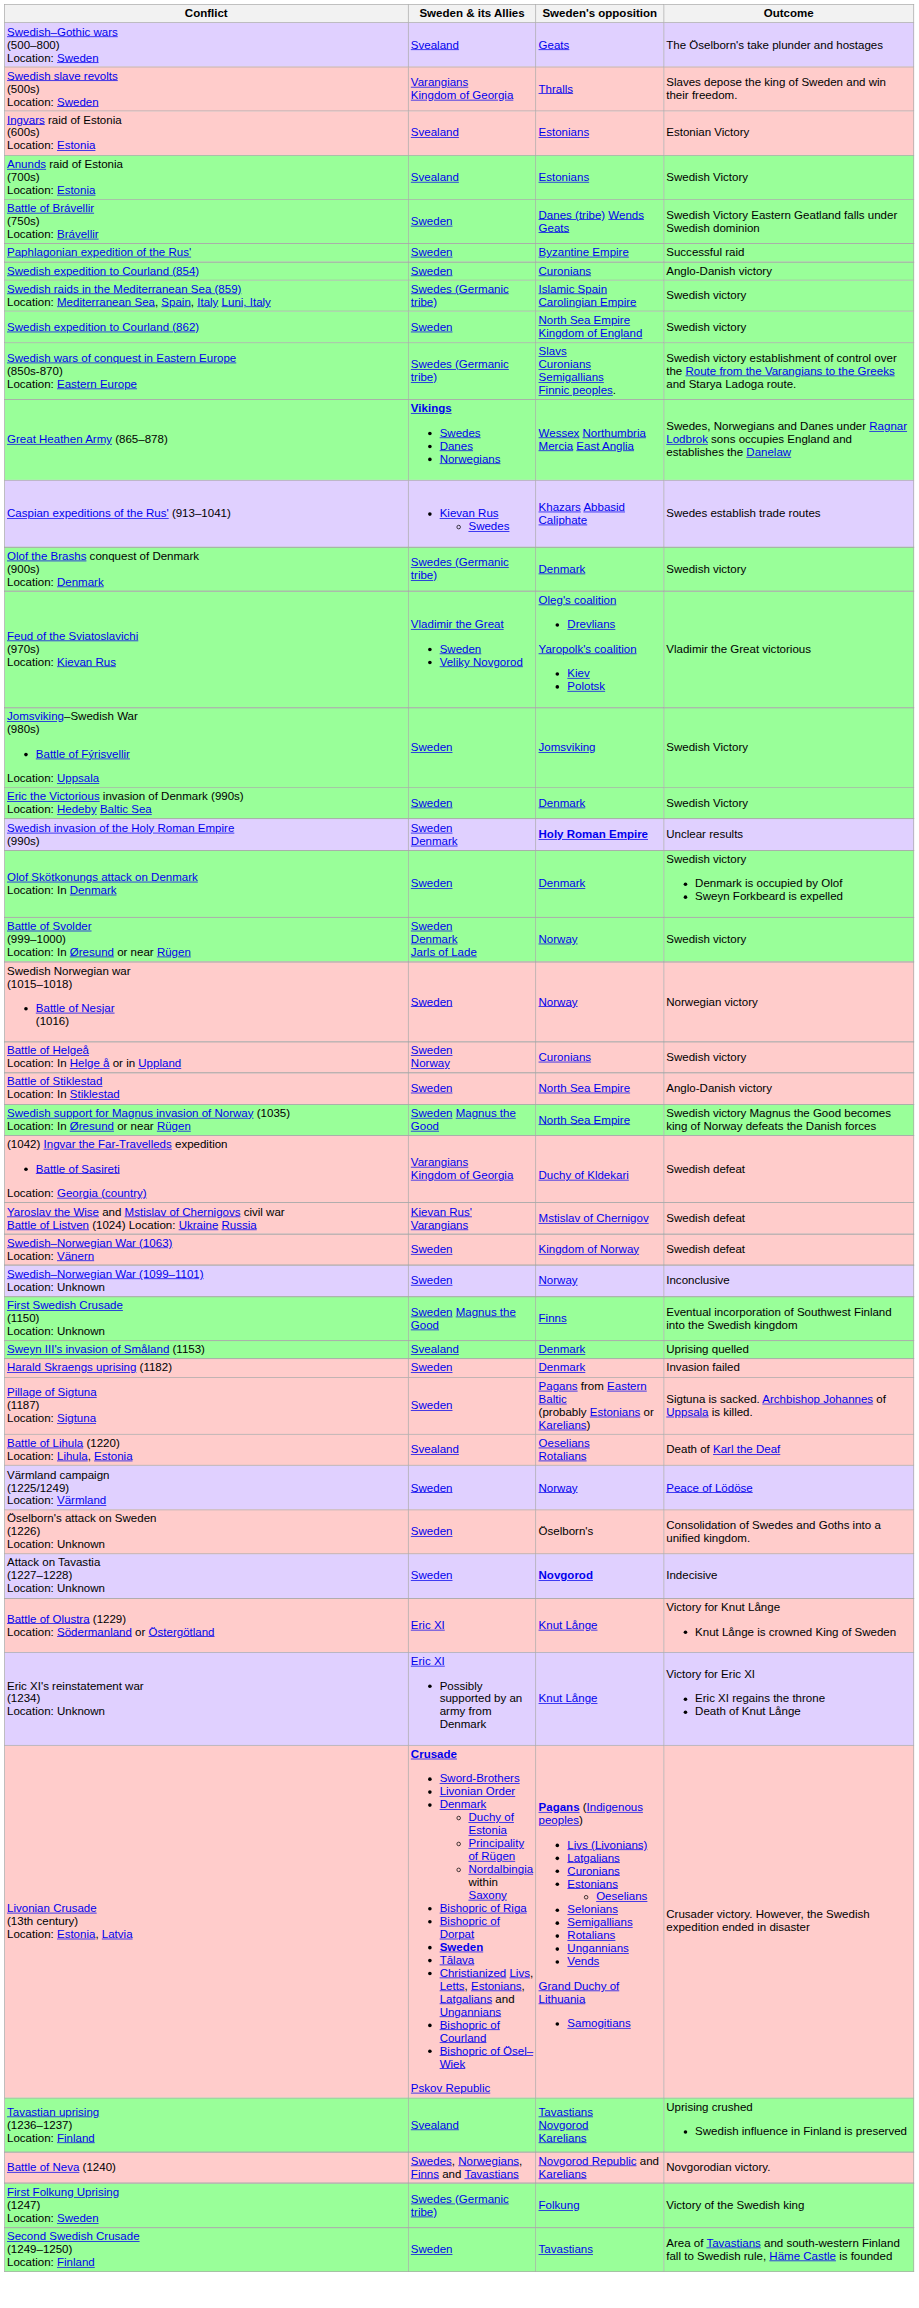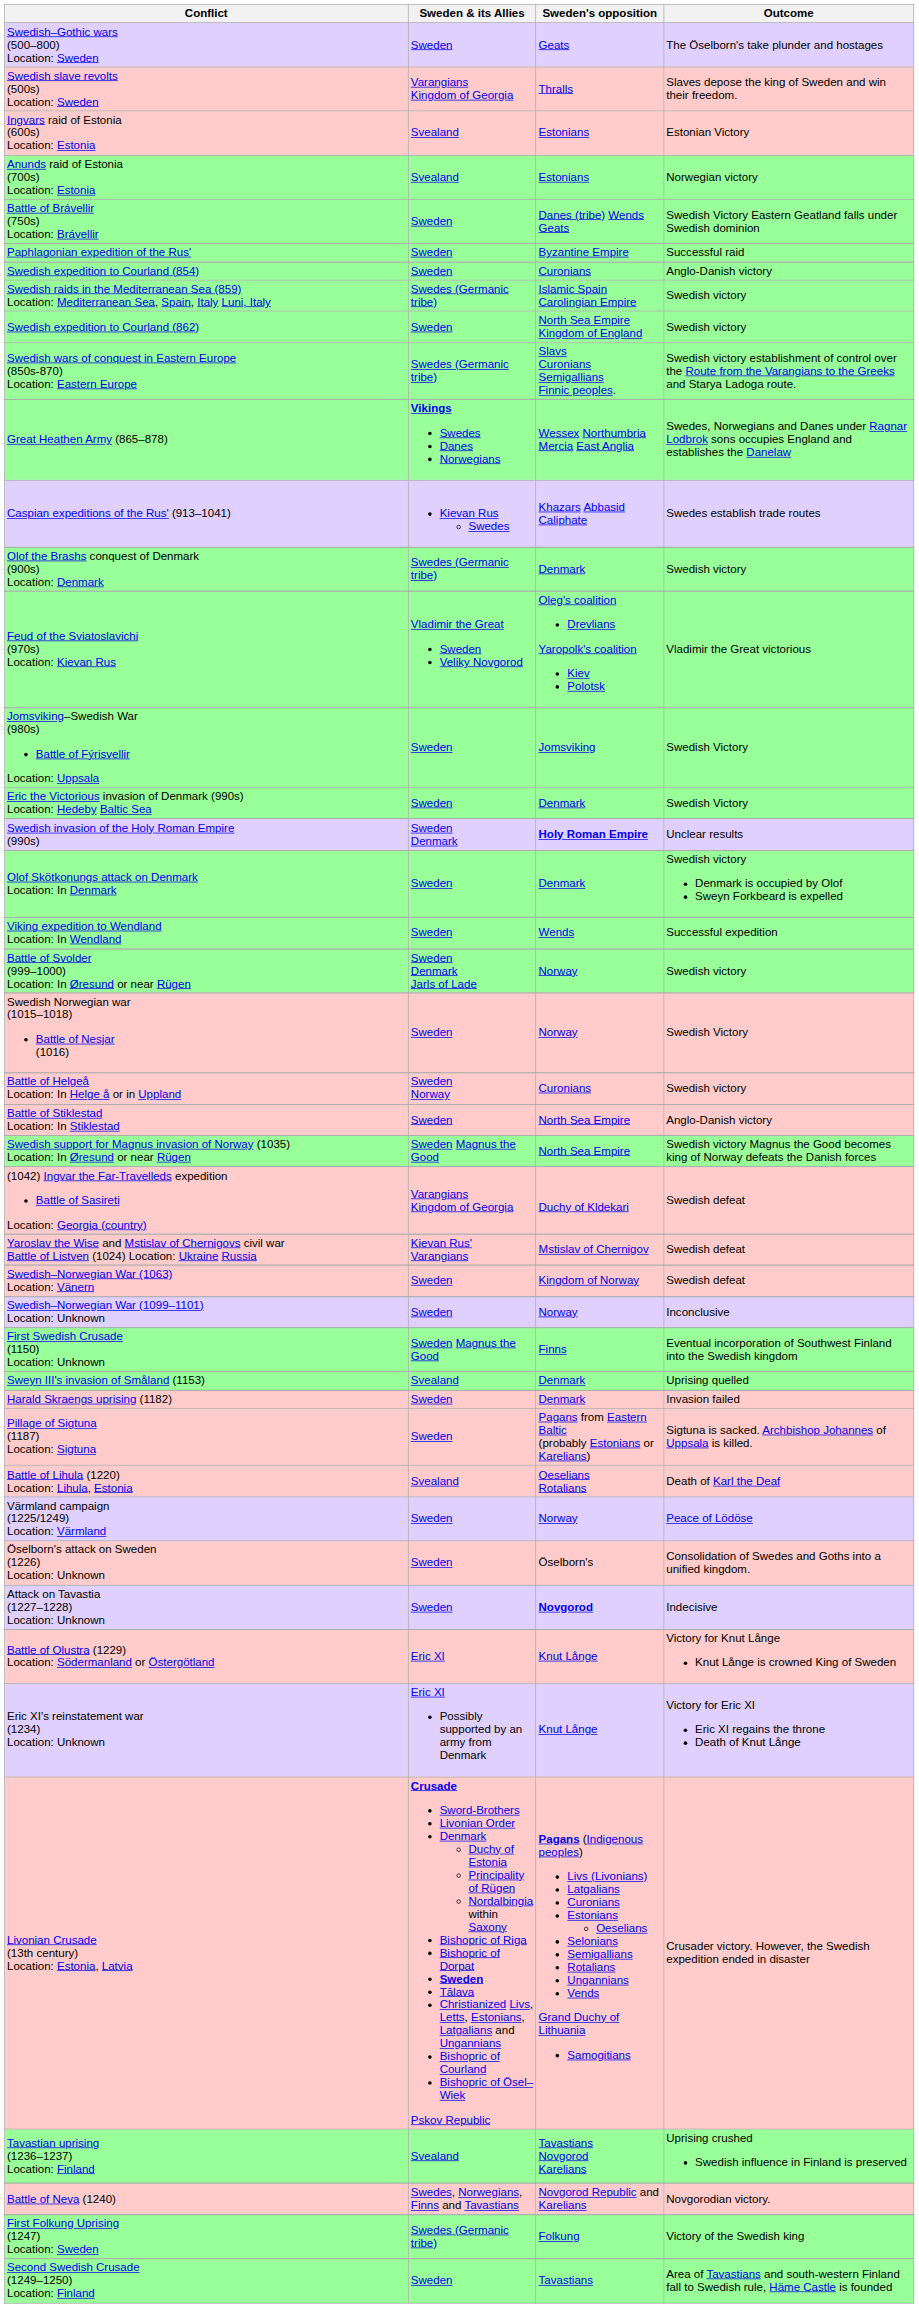 <table class="wikitable sortable" width="100%">
 <tr>
 <th rowspan="1">Conflict</th>
 <th rowspan="1" width=170px>Sweden & its Allies</th>
 <th rowspan="1" width=170px>Sweden's opposition</th>
 <th rowspan="1" width=340px>Outcome</th>
 </tr>
 <tr bgcolor="#E0D0FF">
 <td><a href='#'>Swedish–Gothic wars</a> <br>(500–800)<br>Location: <a href='#'>Sweden</a></td>
-<td><a href='#'>Svealand</a></td>
+<td><a href='#'>Sweden</a></td>
 <td><a href='#'>Geats</a></td>
 <td>The Öselborn's take plunder and hostages</td>
 </tr>
 <tr bgcolor="#FFCCCB">
 <td><a href='#'>Swedish slave revolts</a> <br>(500s)<br>Location: <a href='#'>Sweden</a></td>
 <td><a href='#'>Varangians</a><br><a href='#'>Kingdom of Georgia</a></td>
 <td><a href='#'>Thralls</a></td>
 <td>Slaves depose the king of Sweden and win their freedom.</td>
 </tr>
 <tr bgcolor="#FFCCCB">
 <td><a href='#'>Ingvars</a> raid of Estonia <br>(600s)<br>Location: <a href='#'>Estonia</a></td>
 <td><a href='#'>Svealand</a></td>
 <td><a href='#'>Estonians</a></td>
 <td>Estonian Victory</td>
 </tr>
 <tr bgcolor="#99ff99">
 <td><a href='#'>Anunds</a> raid of Estonia <br>(700s)<br>Location: <a href='#'>Estonia</a></td>
 <td><a href='#'>Svealand</a></td>
 <td><a href='#'>Estonians</a></td>
-<td>Swedish Victory</td>
+<td>Norwegian victory</td>
 </tr>
 <tr bgcolor="#99ff99">
 <td><a href='#'>Battle of Brávellir</a> <br>(750s)<br>Location: <a href='#'>Brávellir</a></td>
 <td><a href='#'>Sweden</a></td>
 <td><a href='#'>Danes (tribe)</a> <a href='#'>Wends</a> <a href='#'>Geats</a></td>
 <td>Swedish Victory Eastern Geatland falls under Swedish dominion</td>
 </tr>
 <tr>
 </tr>
 <tr bgcolor="#99ff99">
 <td><a href='#'>Paphlagonian expedition of the Rus'</a></td>
 <td><a href='#'>Sweden</a></td>
 <td><a href='#'>Byzantine Empire</a></td>
 <td>Successful raid</td>
 </tr>
 <tr bgcolor="#99ff99">
 </tr>
 <tr bgcolor="#99ff99">
 <td><a href='#'>Swedish expedition to Courland (854)</a></td>
 <td><a href='#'>Sweden</a></td>
 <td><a href='#'>Curonians</a></td>
 <td>Anglo-Danish victory</td>
 </tr>
 <tr bgcolor="#99ff99">
 <td><a href='#'>Swedish raids in the Mediterranean Sea (859)</a><br>Location: <a href='#'>Mediterranean Sea</a>, <a href='#'>Spain</a>, <a href='#'>Italy</a> <a href='#'>Luni, Italy</a></td>
 <td><a href='#'>Swedes (Germanic tribe)</a></td>
 <td><a href='#'>Islamic Spain</a><br><a href='#'>Carolingian Empire</a></td>
 <td>Swedish victory</td>
 </tr>
 <tr bgcolor="#99ff99">
 <td><a href='#'>Swedish expedition to Courland (862)</a></td>
 <td><a href='#'>Sweden</a></td>
 <td><a href='#'>North Sea Empire</a><br> <a href='#'>Kingdom of England</a></td>
 <td>Swedish victory</td>
 </tr>
 <tr bgcolor="#99ff99">
 <td><a href='#'>Swedish wars of conquest in Eastern Europe</a> <br>(850s-870)<br>Location: <a href='#'>Eastern Europe</a></td>
 <td><a href='#'>Swedes (Germanic tribe)</a></td>
 <td><a href='#'>Slavs</a> <br> <a href='#'>Curonians</a> <br> <a href='#'>Semigallians</a> <br> <a href='#'>Finnic peoples</a>.</td>
 <td>Swedish victory establishment of control over the <a href='#'>Route from the Varangians to the Greeks</a> and Starya Ladoga route.</td>
 </tr>
 <tr>
 </tr>
 <tr bgcolor="#99ff99">
 <td><a href='#'>Great Heathen Army</a> (865–878)</td>
 <td><strong><a href='#'>Vikings</a></strong><br><ul><li><a href='#'>Swedes</a></li><li><a href='#'>Danes</a></li><li><a href='#'>Norwegians</a></li></ul></td>
 <td><a href='#'>Wessex</a> <a href='#'>Northumbria</a> <a href='#'>Mercia</a> <a href='#'>East Anglia</a></td>
 <td>Swedes, Norwegians and Danes under <a href='#'>Ragnar Lodbrok</a> sons occupies England and establishes the <a href='#'>Danelaw</a></td>
 </tr>
 <tr bgcolor="#E0D0FF">
 <td><a href='#'>Caspian expeditions of the Rus'</a> (913–1041)</td>
 <td><br><ul><li><a href='#'>Kievan Rus</a><ul><li><a href='#'>Swedes</a></li></ul></li></ul></td>
 <td><a href='#'>Khazars</a> <a href='#'>Abbasid Caliphate</a></td>
 <td>Swedes establish trade routes</td>
 </tr>
 <tr>
 </tr>
 <tr bgcolor="#99ff99">
 <td><a href='#'>Olof the Brashs</a> conquest of Denmark <br>(900s)<br>Location: <a href='#'>Denmark</a></td>
 <td><a href='#'>Swedes (Germanic tribe)</a></td>
 <td><a href='#'>Denmark</a></td>
 <td>Swedish victory</td>
 </tr>
 <tr>
 </tr>
 <tr bgcolor="#99ff99">
 <td><a href='#'>Feud of the Sviatoslavichi</a><br>(970s)<br>Location: <a href='#'>Kievan Rus</a></td>
 <td><a href='#'>Vladimir the Great</a><br><ul><li><a href='#'>Sweden</a></li><li><a href='#'>Veliky Novgorod</a></li></ul></td>
 <td><a href='#'>Oleg's coalition</a><br><ul><li><a href='#'>Drevlians</a></li></ul><a href='#'>Yaropolk's coalition</a><ul><li><a href='#'>Kiev</a></li><li><a href='#'>Polotsk</a></li></ul></td>
 <td>Vladimir the Great victorious</td>
 </tr>
 <tr>
 </tr>
 <tr bgcolor="#99ff99">
 <td><a href='#'>Jomsviking</a>–Swedish War<br>(980s)<br><ul><li><a href='#'>Battle of Fýrisvellir</a></li></ul>Location: <a href='#'>Uppsala</a></td>
 <td><a href='#'>Sweden</a></td>
 <td><a href='#'>Jomsviking</a></td>
 <td>Swedish Victory </td>
 </tr>
 <tr bgcolor="#99ff99">
 <td><a href='#'>Eric the Victorious</a> invasion of Denmark (990s)<br>Location: <a href='#'>Hedeby</a> <a href='#'>Baltic Sea</a></td>
 <td><a href='#'>Sweden</a></td>
 <td><a href='#'>Denmark</a></td>
 <td>Swedish Victory <br></td>
 </tr>
 <tr>
 </tr>
 <tr bgcolor="#E0D0FF">
 <td><a href='#'>Swedish invasion of the Holy Roman Empire</a> <br>(990s)</td>
 <td><a href='#'>Sweden</a> <br> <a href='#'>Denmark</a></td>
 <td><strong><a href='#'>Holy Roman Empire</a></strong></td>
 <td>Unclear results</td>
 </tr>
 <tr>
 </tr>
 <tr bgcolor="#99ff99">
 <td><a href='#'>Olof Skötkonungs attack on Denmark</a><br>Location: In <a href='#'>Denmark</a></td>
 <td><a href='#'>Sweden</a></td>
 <td><a href='#'>Denmark</a></td>
 <td>Swedish victory<br><ul><li>Denmark is occupied by Olof</li><li>Sweyn Forkbeard is expelled</li></ul></td>
 </tr>
 <tr>
 </tr>
+<tr bgcolor="#99ff99">
+<td><a href='#'>Viking expedition to Wendland</a><br>Location: In <a href='#'>Wendland</a></td>
+<td><a href='#'>Sweden</a></td>
+<td><a href='#'>Wends</a></td>
+<td>Successful expedition</td>
+</tr>
 <tr>
 </tr>
 <tr bgcolor="#99ff99">
 <td><a href='#'>Battle of Svolder</a><br>(999–1000)<br>Location: In <a href='#'>Øresund</a> or near <a href='#'>Rügen</a></td>
 <td><a href='#'>Sweden</a><br><a href='#'>Denmark</a><br><a href='#'>Jarls of Lade</a></td>
 <td><a href='#'>Norway</a></td>
 <td>Swedish victory</td>
 </tr>
 <tr>
 </tr>
 <tr bgcolor="#FFCCCB">
 <td>Swedish Norwegian war <br> (1015–1018)<br><ul><li><a href='#'>Battle of Nesjar</a> <br> (1016)</li></ul></td>
 <td><a href='#'>Sweden</a></td>
 <td><a href='#'>Norway</a></td>
-<td>Norwegian victory</td>
+<td>Swedish Victory</td>
 </tr>
 <tr>
 </tr>
 <tr bgcolor="#FFCCCB">
 <td><a href='#'>Battle of Helgeå</a><br>Location: In <a href='#'>Helge å</a> or in <a href='#'>Uppland</a></td>
 <td><a href='#'>Sweden</a><br><a href='#'>Norway</a></td>
 <td><a href='#'>Curonians</a></td>
 <td>Swedish victory</td>
 </tr>
 <tr>
 </tr>
 <tr bgcolor="#FFCCCB">
 <td><a href='#'>Battle of Stiklestad</a><br>Location: In <a href='#'>Stiklestad</a></td>
 <td><a href='#'>Sweden</a></td>
 <td><a href='#'>North Sea Empire</a><br></td>
 <td>Anglo-Danish victory</td>
 </tr>
 <tr>
 </tr>
 <tr bgcolor="#99ff99">
 <td><a href='#'>Swedish support for Magnus invasion of Norway</a> (1035)<br>Location: In <a href='#'>Øresund</a> or near <a href='#'>Rügen</a></td>
 <td><a href='#'>Sweden</a> <a href='#'>Magnus the Good</a></td>
 <td><a href='#'>North Sea Empire</a></td>
 <td>Swedish victory Magnus the Good becomes king of Norway defeats the Danish forces</td>
 </tr>
 <tr>
 </tr>
 <tr bgcolor="#FFCCCB">
 <td>(1042) <a href='#'>Ingvar the Far-Travelleds</a> expedition<br><ul><li><a href='#'>Battle of Sasireti</a></li></ul>Location: <a href='#'>Georgia (country)</a></td>
 <td><a href='#'>Varangians</a><br><a href='#'>Kingdom of Georgia</a></td>
 <td><br><a href='#'>Duchy of Kldekari</a></td>
 <td>Swedish defeat</td>
 </tr>
 <tr>
 </tr>
 <tr bgcolor="#FFCCCB">
 <td><a href='#'>Yaroslav the Wise</a> and <a href='#'>Mstislav of Chernigovs</a> civil war<br><a href='#'>Battle of Listven</a> (1024) Location: <a href='#'>Ukraine</a> <a href='#'>Russia</a></td>
 <td><a href='#'>Kievan Rus'</a><br><a href='#'>Varangians</a></td>
 <td><a href='#'>Mstislav of Chernigov</a></td>
 <td>Swedish defeat</td>
 </tr>
 <tr>
 </tr>
 <tr bgcolor="#FFCCCB">
 <td><a href='#'>Swedish–Norwegian War (1063)</a><br>Location: <a href='#'>Vänern</a></td>
 <td><a href='#'>Sweden</a></td>
 <td><a href='#'>Kingdom of Norway</a></td>
 <td>Swedish defeat</td>
 </tr>
 <tr>
 </tr>
 <tr bgcolor="#E0D0FF">
 <td><a href='#'>Swedish–Norwegian War (1099–1101)</a><br>Location: Unknown</td>
 <td><a href='#'>Sweden</a></td>
 <td><a href='#'>Norway</a></td>
 <td>Inconclusive</td>
 </tr>
 <tr>
 </tr>
 <tr bgcolor="#99ff99">
 <td><a href='#'>First Swedish Crusade</a><br>(1150)<br>Location: Unknown</td>
 <td><a href='#'>Sweden</a> <a href='#'>Magnus the Good</a></td>
 <td><a href='#'>Finns</a></td>
 <td>Eventual incorporation of Southwest Finland into the Swedish kingdom</td>
 </tr>
 <tr>
 </tr>
 <tr bgcolor="#99ff99">
 <td><a href='#'>Sweyn III's invasion of Småland</a> (1153)</td>
 <td><a href='#'>Svealand</a></td>
 <td><a href='#'>Denmark</a></td>
 <td>Uprising quelled</td>
 </tr>
 <tr>
 </tr>
 <tr bgcolor="#FFCCCB">
 <td><a href='#'>Harald Skraengs uprising</a> (1182)</td>
 <td><a href='#'>Sweden</a></td>
 <td><a href='#'>Denmark</a></td>
 <td>Invasion failed</td>
 </tr>
 <tr bgcolor="#FFCCCB">
 <td><a href='#'>Pillage of Sigtuna</a><br>(1187)<br>Location: <a href='#'>Sigtuna</a></td>
 <td><a href='#'>Sweden</a></td>
 <td><a href='#'>Pagans</a> from <a href='#'>Eastern Baltic</a><br>(probably <a href='#'>Estonians</a> or <a href='#'>Karelians</a>)</td>
 <td>Sigtuna is sacked. <a href='#'>Archbishop Johannes</a> of <a href='#'>Uppsala</a> is killed.</td>
 </tr>
 <tr bgcolor="#FFCCCB">
 <td><a href='#'>Battle of Lihula</a> (1220)<br>Location: <a href='#'>Lihula</a>, <a href='#'>Estonia</a></td>
 <td><a href='#'>Svealand</a></td>
 <td><a href='#'>Oeselians</a><br><a href='#'>Rotalians</a></td>
 <td>Death of <a href='#'>Karl the Deaf</a></td>
 </tr>
 <tr bgcolor="#E0D0FF">
 <td>Värmland campaign <br>(1225/1249)<br>Location: <a href='#'>Värmland</a></td>
 <td><a href='#'>Sweden</a></td>
 <td><a href='#'>Norway</a></td>
 <td><a href='#'>Peace of Lödöse</a></td>
 </tr>
 <tr bgcolor="#FFCCCB">
 <td>Öselborn's attack on Sweden <br>(1226)<br>Location: Unknown</td>
 <td><a href='#'>Sweden</a></td>
 <td>Öselborn's</td>
 <td>Consolidation of Swedes and Goths into a unified kingdom.</td>
 </tr>
 <tr bgcolor="#E0D0FF">
 <td>Attack on Tavastia <br>(1227–1228)<br>Location: Unknown</td>
 <td><a href='#'>Sweden</a></td>
 <td><strong><a href='#'>Novgorod</a></strong></td>
 <td>Indecisive</td>
 </tr>
 <tr>
 </tr>
 <tr bgcolor="#FFCCCB">
 <td><a href='#'>Battle of Olustra</a> (1229)<br>Location: <a href='#'>Södermanland</a> or <a href='#'>Östergötland</a></td>
 <td><a href='#'>Eric XI</a></td>
 <td><a href='#'>Knut Långe</a></td>
 <td>Victory for Knut Långe<br><ul><li>Knut Långe is crowned King of Sweden</li></ul></td>
 </tr>
 <tr bgcolor="#E0D0FF">
 <td>Eric XI's reinstatement war <br>(1234)<br>Location: Unknown</td>
 <td><a href='#'>Eric XI</a><br><ul><li>Possibly supported by an army from Denmark</li></ul></td>
 <td><a href='#'>Knut Långe</a></td>
 <td>Victory for Eric XI<br><ul><li>Eric XI regains the throne</li><li>Death of Knut Långe</li></ul></td>
 </tr>
 <tr bgcolor="#FFCCCB">
 <td><a href='#'>Livonian Crusade</a><br>(13th century)<br>Location: <a href='#'>Estonia</a>, <a href='#'>Latvia</a></td>
 <td><strong><a href='#'>Crusade</a></strong><br><ul><li><a href='#'>Sword-Brothers</a></li><li><a href='#'>Livonian Order</a></li><li><a href='#'>Denmark</a><ul><li><a href='#'>Duchy of Estonia</a></li><li><a href='#'>Principality of Rügen</a></li><li><a href='#'>Nordalbingia</a> within <a href='#'>Saxony</a></li></ul></li><li><a href='#'>Bishopric of Riga</a></li><li><a href='#'>Bishopric of Dorpat</a></li><li><strong><a href='#'>Sweden</a></strong></li><li><a href='#'>Tālava</a></li><li><a href='#'>Christianized</a> <a href='#'>Livs</a>, <a href='#'>Letts</a>, <a href='#'>Estonians</a>, <a href='#'>Latgalians</a> and <a href='#'>Ungannians</a></li><li><a href='#'>Bishopric of Courland</a></li><li><a href='#'>Bishopric of Ösel–Wiek</a></li></ul><a href='#'>Pskov Republic</a></td>
 <td><strong><a href='#'>Pagans</a></strong> (<a href='#'>Indigenous peoples</a>)<br><ul><li><a href='#'>Livs (Livonians)</a></li><li><a href='#'>Latgalians</a></li><li><a href='#'>Curonians</a></li><li><a href='#'>Estonians</a><ul><li><a href='#'>Oeselians</a></li></ul></li><li><a href='#'>Selonians</a></li><li><a href='#'>Semigallians</a></li><li><a href='#'>Rotalians</a></li><li><a href='#'>Ungannians</a></li><li><a href='#'>Vends</a></li></ul><a href='#'>Grand Duchy of Lithuania</a><ul><li><a href='#'>Samogitians</a></li></ul></td>
 <td>Crusader victory. However, the Swedish expedition ended in disaster</td>
 </tr>
 <tr bgcolor="#99ff99">
 <td><a href='#'>Tavastian uprising</a><br>(1236–1237)<br>Location: <a href='#'>Finland</a></td>
 <td><a href='#'>Svealand</a></td>
 <td><a href='#'>Tavastians</a> <br> <a href='#'>Novgorod</a> <br> <a href='#'>Karelians</a></td>
 <td>Uprising crushed<br><ul><li>Swedish influence in Finland is preserved</li></ul></td>
 </tr>
 <tr>
 </tr>
 <tr bgcolor="#FFCCCB">
 <td><a href='#'>Battle of Neva</a> (1240)</td>
 <td><a href='#'>Swedes</a>, <a href='#'>Norwegians</a>, <a href='#'>Finns</a> and <a href='#'>Tavastians</a></td>
 <td><a href='#'>Novgorod Republic</a> and <a href='#'>Karelians</a></td>
 <td>Novgorodian victory.</td>
 </tr>
 <tr>
 </tr>
 <tr bgcolor="#99ff99">
 <td><a href='#'>First Folkung Uprising</a><br>(1247)<br>Location: <a href='#'>Sweden</a></td>
 <td><a href='#'>Swedes (Germanic tribe)</a></td>
 <td><a href='#'>Folkung</a></td>
 <td>Victory of the Swedish king</td>
 </tr>
 <tr>
 </tr>
 <tr>
 </tr>
 <tr bgcolor="#99ff99">
 <td><a href='#'>Second Swedish Crusade</a><br>(1249–1250)<br>Location: <a href='#'>Finland</a></td>
 <td><a href='#'>Sweden</a></td>
 <td><a href='#'>Tavastians</a></td>
 <td>Area of <a href='#'>Tavastians</a> and south-western Finland fall to Swedish rule, <a href='#'>Häme Castle</a> is founded</td>
 </tr>
 </table>
